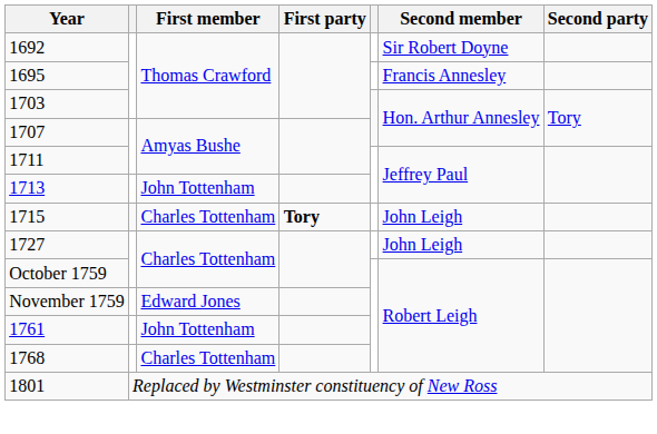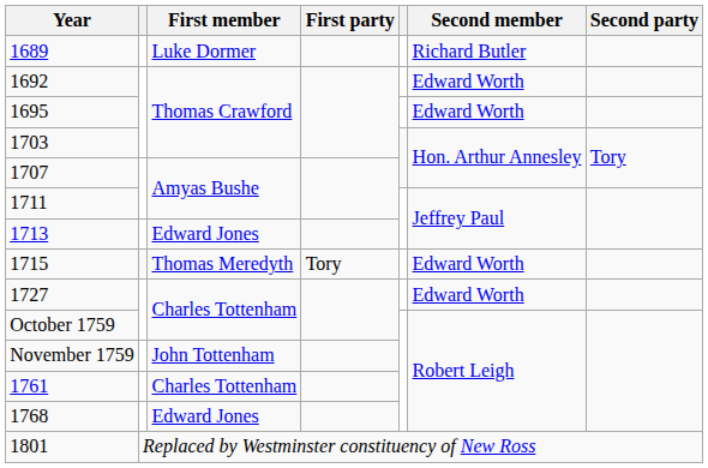 <table class="wikitable">
 <tr>
 <th>Year</th>
 <th></th>
 <th>First member</th>
 <th>First party</th>
 <th></th>
 <th>Second member</th>
 <th>Second party</th>
 </tr>
 <tr>
+<td><a href='#'>1689</a></td>
+<td style="background-color: white"></td>
+<td><a href='#'>Luke Dormer</a></td>
+<td></td>
+<td style="background-color: white"></td>
+<td><a href='#'>Richard Butler</a></td>
+<td></td>
+</tr>
+<tr>
 <td>1692</td>
 <td rowspan="3" style="background-color: white"></td>
 <td rowspan="3"><a href='#'>Thomas Crawford</a></td>
 <td rowspan="3"></td>
 <td style="background-color: white"></td>
-<td><a href='#'>Sir Robert Doyne</a></td>
+<td><a href='#'>Edward Worth</a></td>
 <td></td>
 </tr>
 <tr>
 <td>1695</td>
 <td style="background-color: white"></td>
-<td><a href='#'>Francis Annesley</a></td>
+<td><a href='#'>Edward Worth</a></td>
 <td></td>
 </tr>
 <tr>
 <td>1703</td>
 <td rowspan="2" style="background-color: "></td>
 <td rowspan="2"><a href='#'>Hon. Arthur Annesley</a></td>
 <td rowspan="2"><a href='#'>Tory</a></td>
 </tr>
 <tr>
 <td>1707</td>
 <td rowspan="2" style="background-color: white"></td>
 <td rowspan="2"><a href='#'>Amyas Bushe</a></td>
 <td rowspan="2"></td>
 </tr>
 <tr>
 <td>1711</td>
 <td rowspan="2" style="background-color: white"></td>
 <td rowspan="2"><a href='#'>Jeffrey Paul</a></td>
 <td rowspan="2"></td>
 </tr>
 <tr>
 <td><a href='#'>1713</a></td>
 <td style="background-color: white"></td>
-<td><a href='#'>John Tottenham</a></td>
+<td><a href='#'>Edward Jones</a></td>
 <td></td>
 </tr>
 <tr>
 <td>1715</td>
 <td style="background-color: "></td>
-<td><a href='#'>Charles Tottenham</a></td>
-<td><strong>Tory</strong></td>
+<td><a href='#'>Thomas Meredyth</a></td>
+<td>Tory</td>
 <td style="background-color: white"></td>
-<td><a href='#'>John Leigh</a></td>
+<td><a href='#'>Edward Worth</a></td>
 <td></td>
 </tr>
 <tr>
 <td>1727</td>
 <td rowspan="2" style="background-color: white"></td>
 <td rowspan="2"><a href='#'>Charles Tottenham</a></td>
 <td rowspan="2"></td>
 <td style="background-color: white"></td>
-<td><a href='#'>John Leigh</a></td>
+<td><a href='#'>Edward Worth</a></td>
 <td></td>
 </tr>
 <tr>
 <td>October 1759</td>
 <td rowspan="4" style="background-color: white"></td>
 <td rowspan="4"><a href='#'>Robert Leigh</a></td>
 <td rowspan="4"></td>
 </tr>
 <tr>
 <td>November 1759</td>
 <td style="background-color: white"></td>
-<td><a href='#'>Edward Jones</a></td>
+<td><a href='#'>John Tottenham</a></td>
 <td></td>
 </tr>
 <tr>
 <td><a href='#'>1761</a></td>
 <td style="background-color: white"></td>
-<td><a href='#'>John Tottenham</a></td>
+<td><a href='#'>Charles Tottenham</a></td>
 <td></td>
 </tr>
 <tr>
 <td>1768</td>
 <td style="background-color: white"></td>
-<td><a href='#'>Charles Tottenham</a></td>
+<td><a href='#'>Edward Jones</a></td>
 <td></td>
 </tr>
 <tr>
 <td>1801</td>
 <td colspan = "6"><em>Replaced by Westminster constituency of <a href='#'>New Ross</a></em></td>
 </tr>
 </table>
